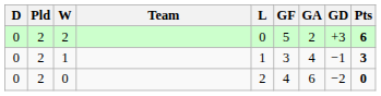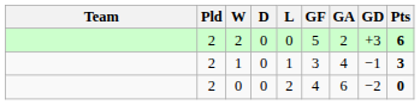 <table class="wikitable" style="text-align:center;">
 <tr>
-<th width=20>D</th>
+<th width=200>Team</th>
 <th width=20>Pld</th>
 <th width=20>W</th>
-<th width=200>Team</th>
+<th width=20>D</th>
 <th width=20>L</th>
 <th width=20>GF</th>
 <th width=20>GA</th>
 <th width=20>GD</th>
 <th width=20>Pts</th>
 </tr>
 <tr align=center style="background:#ccffcc;">
-<td>0</td>
+<td style="text-align:left;"></td>
 <td>2</td>
 <td>2</td>
-<td style="text-align:left;"></td>
+<td>0</td>
 <td>0</td>
 <td>5</td>
 <td>2</td>
 <td>+3</td>
 <td><strong>6</strong></td>
 </tr>
 <tr>
-<td>0</td>
+<td style="text-align:left;"></td>
 <td>2</td>
 <td>1</td>
-<td style="text-align:left;"></td>
+<td>0</td>
 <td>1</td>
 <td>3</td>
 <td>4</td>
 <td>−1</td>
 <td><strong>3</strong></td>
 </tr>
 <tr>
-<td>0</td>
+<td style="text-align:left;"></td>
 <td>2</td>
 <td>0</td>
-<td style="text-align:left;"></td>
+<td>0</td>
 <td>2</td>
 <td>4</td>
 <td>6</td>
 <td>−2</td>
 <td><strong>0</strong></td>
 </tr>
 </table>
